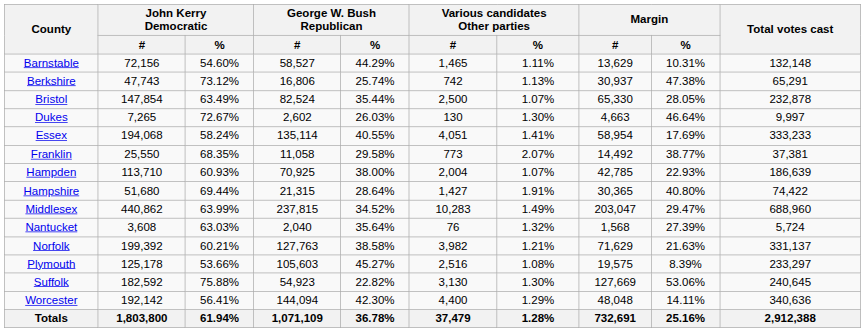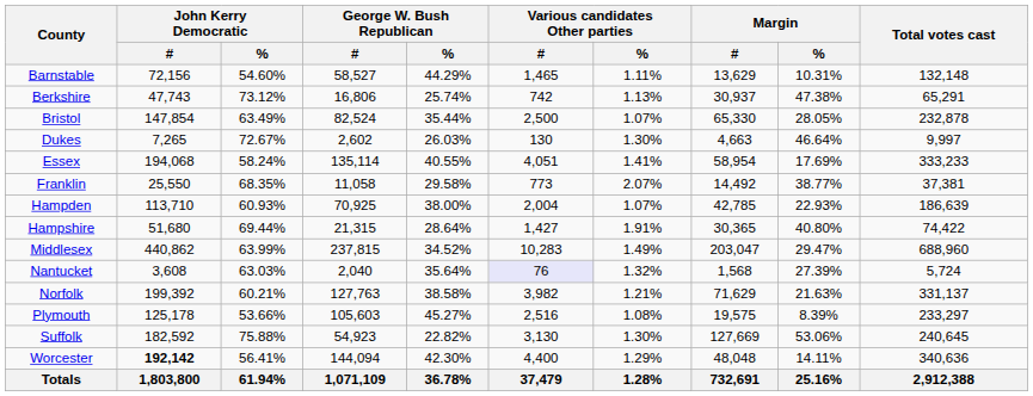 <table width="60%"  class="wikitable sortable" style="text-align:center">
 <tr>
 <th style="text-align:center;" rowspan="2">County</th>
 <th style="text-align:center;" colspan="2">John Kerry<br>Democratic</th>
 <th style="text-align:center;" colspan="2">George W. Bush<br>Republican</th>
 <th style="text-align:center;" colspan="2">Various candidates<br>Other parties</th>
 <th style="text-align:center;" colspan="2">Margin</th>
 <th style="text-align:center;" rowspan="2">Total votes cast</th>
 </tr>
 <tr>
 <th style="text-align:center;" data-sort-type="number">#</th>
 <th style="text-align:center;" data-sort-type="number">%</th>
 <th style="text-align:center;" data-sort-type="number">#</th>
 <th style="text-align:center;" data-sort-type="number">%</th>
 <th style="text-align:center;" data-sort-type="number">#</th>
 <th style="text-align:center;" data-sort-type="number">%</th>
 <th style="text-align:center;" data-sort-type="number">#</th>
 <th style="text-align:center;" data-sort-type="number">%</th>
 </tr>
 <tr style="text-align:center;">
 <td><a href='#'>Barnstable</a></td>
 <td>72,156</td>
 <td>54.60%</td>
 <td>58,527</td>
 <td>44.29%</td>
 <td>1,465</td>
 <td>1.11%</td>
 <td>13,629</td>
 <td>10.31%</td>
 <td>132,148</td>
 </tr>
 <tr style="text-align:center;">
 <td><a href='#'>Berkshire</a></td>
 <td>47,743</td>
 <td>73.12%</td>
 <td>16,806</td>
 <td>25.74%</td>
 <td>742</td>
 <td>1.13%</td>
 <td>30,937</td>
 <td>47.38%</td>
 <td>65,291</td>
 </tr>
 <tr style="text-align:center;">
 <td><a href='#'>Bristol</a></td>
 <td>147,854</td>
 <td>63.49%</td>
 <td>82,524</td>
 <td>35.44%</td>
 <td>2,500</td>
 <td>1.07%</td>
 <td>65,330</td>
 <td>28.05%</td>
 <td>232,878</td>
 </tr>
 <tr style="text-align:center;">
 <td><a href='#'>Dukes</a></td>
 <td>7,265</td>
 <td>72.67%</td>
 <td>2,602</td>
 <td>26.03%</td>
 <td>130</td>
 <td>1.30%</td>
 <td>4,663</td>
 <td>46.64%</td>
 <td>9,997</td>
 </tr>
 <tr style="text-align:center;">
 <td><a href='#'>Essex</a></td>
 <td>194,068</td>
 <td>58.24%</td>
 <td>135,114</td>
 <td>40.55%</td>
 <td>4,051</td>
 <td>1.41%</td>
 <td>58,954</td>
 <td>17.69%</td>
 <td>333,233</td>
 </tr>
 <tr style="text-align:center;">
 <td><a href='#'>Franklin</a></td>
 <td>25,550</td>
 <td>68.35%</td>
 <td>11,058</td>
 <td>29.58%</td>
 <td>773</td>
 <td>2.07%</td>
 <td>14,492</td>
 <td>38.77%</td>
 <td>37,381</td>
 </tr>
 <tr style="text-align:center;">
 <td><a href='#'>Hampden</a></td>
 <td>113,710</td>
 <td>60.93%</td>
 <td>70,925</td>
 <td>38.00%</td>
 <td>2,004</td>
 <td>1.07%</td>
 <td>42,785</td>
 <td>22.93%</td>
 <td>186,639</td>
 </tr>
 <tr style="text-align:center;">
 <td><a href='#'>Hampshire</a></td>
 <td>51,680</td>
 <td>69.44%</td>
 <td>21,315</td>
 <td>28.64%</td>
 <td>1,427</td>
 <td>1.91%</td>
 <td>30,365</td>
 <td>40.80%</td>
 <td>74,422</td>
 </tr>
 <tr style="text-align:center;">
 <td><a href='#'>Middlesex</a></td>
 <td>440,862</td>
 <td>63.99%</td>
 <td>237,815</td>
 <td>34.52%</td>
 <td>10,283</td>
 <td>1.49%</td>
 <td>203,047</td>
 <td>29.47%</td>
 <td>688,960</td>
 </tr>
 <tr style="text-align:center;">
 <td><a href='#'>Nantucket</a></td>
 <td>3,608</td>
 <td>63.03%</td>
 <td>2,040</td>
 <td>35.64%</td>
-<td>76</td>
+<td style="background: lavender;">76</td>
 <td>1.32%</td>
 <td>1,568</td>
 <td>27.39%</td>
 <td>5,724</td>
 </tr>
 <tr style="text-align:center;">
 <td><a href='#'>Norfolk</a></td>
 <td>199,392</td>
 <td>60.21%</td>
 <td>127,763</td>
 <td>38.58%</td>
 <td>3,982</td>
 <td>1.21%</td>
 <td>71,629</td>
 <td>21.63%</td>
 <td>331,137</td>
 </tr>
 <tr style="text-align:center;">
 <td><a href='#'>Plymouth</a></td>
 <td>125,178</td>
 <td>53.66%</td>
 <td>105,603</td>
 <td>45.27%</td>
 <td>2,516</td>
 <td>1.08%</td>
 <td>19,575</td>
 <td>8.39%</td>
 <td>233,297</td>
 </tr>
 <tr style="text-align:center;">
 <td><a href='#'>Suffolk</a></td>
 <td>182,592</td>
 <td>75.88%</td>
 <td>54,923</td>
 <td>22.82%</td>
 <td>3,130</td>
 <td>1.30%</td>
 <td>127,669</td>
 <td>53.06%</td>
 <td>240,645</td>
 </tr>
 <tr style="text-align:center;">
 <td><a href='#'>Worcester</a></td>
-<td>192,142</td>
+<td><strong>192,142</strong></td>
 <td>56.41%</td>
 <td>144,094</td>
 <td>42.30%</td>
 <td>4,400</td>
 <td>1.29%</td>
 <td>48,048</td>
 <td>14.11%</td>
 <td>340,636</td>
 </tr>
 <tr>
 <th>Totals</th>
 <th>1,803,800</th>
 <th>61.94%</th>
 <th>1,071,109</th>
 <th>36.78%</th>
 <th>37,479</th>
 <th>1.28%</th>
 <th>732,691</th>
 <th>25.16%</th>
 <th>2,912,388</th>
 </tr>
 </table>
